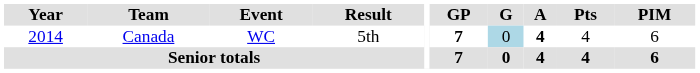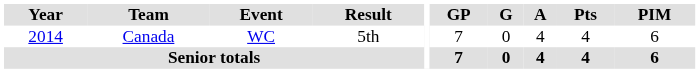 <table border="0" cellpadding="1" cellspacing="0" ID="Table3" style="text-align:center; width:40em">
 <tr ALIGN="center" bgcolor="#e0e0e0">
 <th>Year</th>
 <th>Team</th>
 <th>Event</th>
 <th>Result</th>
 <th rowspan="99" bgcolor="#ffffff"></th>
 <th>GP</th>
 <th>G</th>
 <th>A</th>
 <th>Pts</th>
 <th>PIM</th>
 </tr>
 <tr>
 <td><a href='#'>2014</a></td>
 <td><a href='#'>Canada</a></td>
 <td><a href='#'>WC</a></td>
 <td>5th</td>
-<td><strong>7</strong></td>
-<td style="background: lightblue;">0</td>
-<td><strong>4</strong></td>
+<td>7</td>
+<td>0</td>
+<td>4</td>
 <td>4</td>
 <td>6</td>
 </tr>
 <tr bgcolor="#e0e0e0">
 <th colspan=4>Senior totals</th>
 <th>7</th>
 <th>0</th>
 <th>4</th>
 <th>4</th>
 <th>6</th>
 </tr>
 </table>
